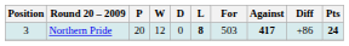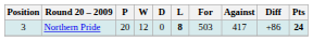 <table class="wikitable" style="text-align:center; font-size:85%;">
 <tr>
 <th width=40 abbr="Position">Position</th>
 <th width=100>Round 20 – 2009</th>
 <th width=20 abbr="Played">P</th>
 <th width=20 abbr="Won">W</th>
 <th width=20 abbr="Drawn">D</th>
 <th width=20 abbr="Lost">L</th>
 <th width=40 abbr="Points for">For</th>
 <th width=40 abbr="Points against">Against</th>
 <th width=40 abbr="Points difference">Diff</th>
 <th width=20 abbr="Points">Pts</th>
 </tr>
 <tr style="background: #d7ebed;">
 <td>3</td>
 <td style="text-align:left;"> <a href='#'>Northern Pride</a></td>
 <td>20</td>
 <td>12</td>
 <td>0</td>
 <td><strong>8</strong></td>
 <td>503</td>
-<td><strong>417</strong></td>
+<td>417</td>
 <td>+86</td>
 <td><strong>24</strong></td>
 </tr>
 <tr>
 </tr>
 </table>
